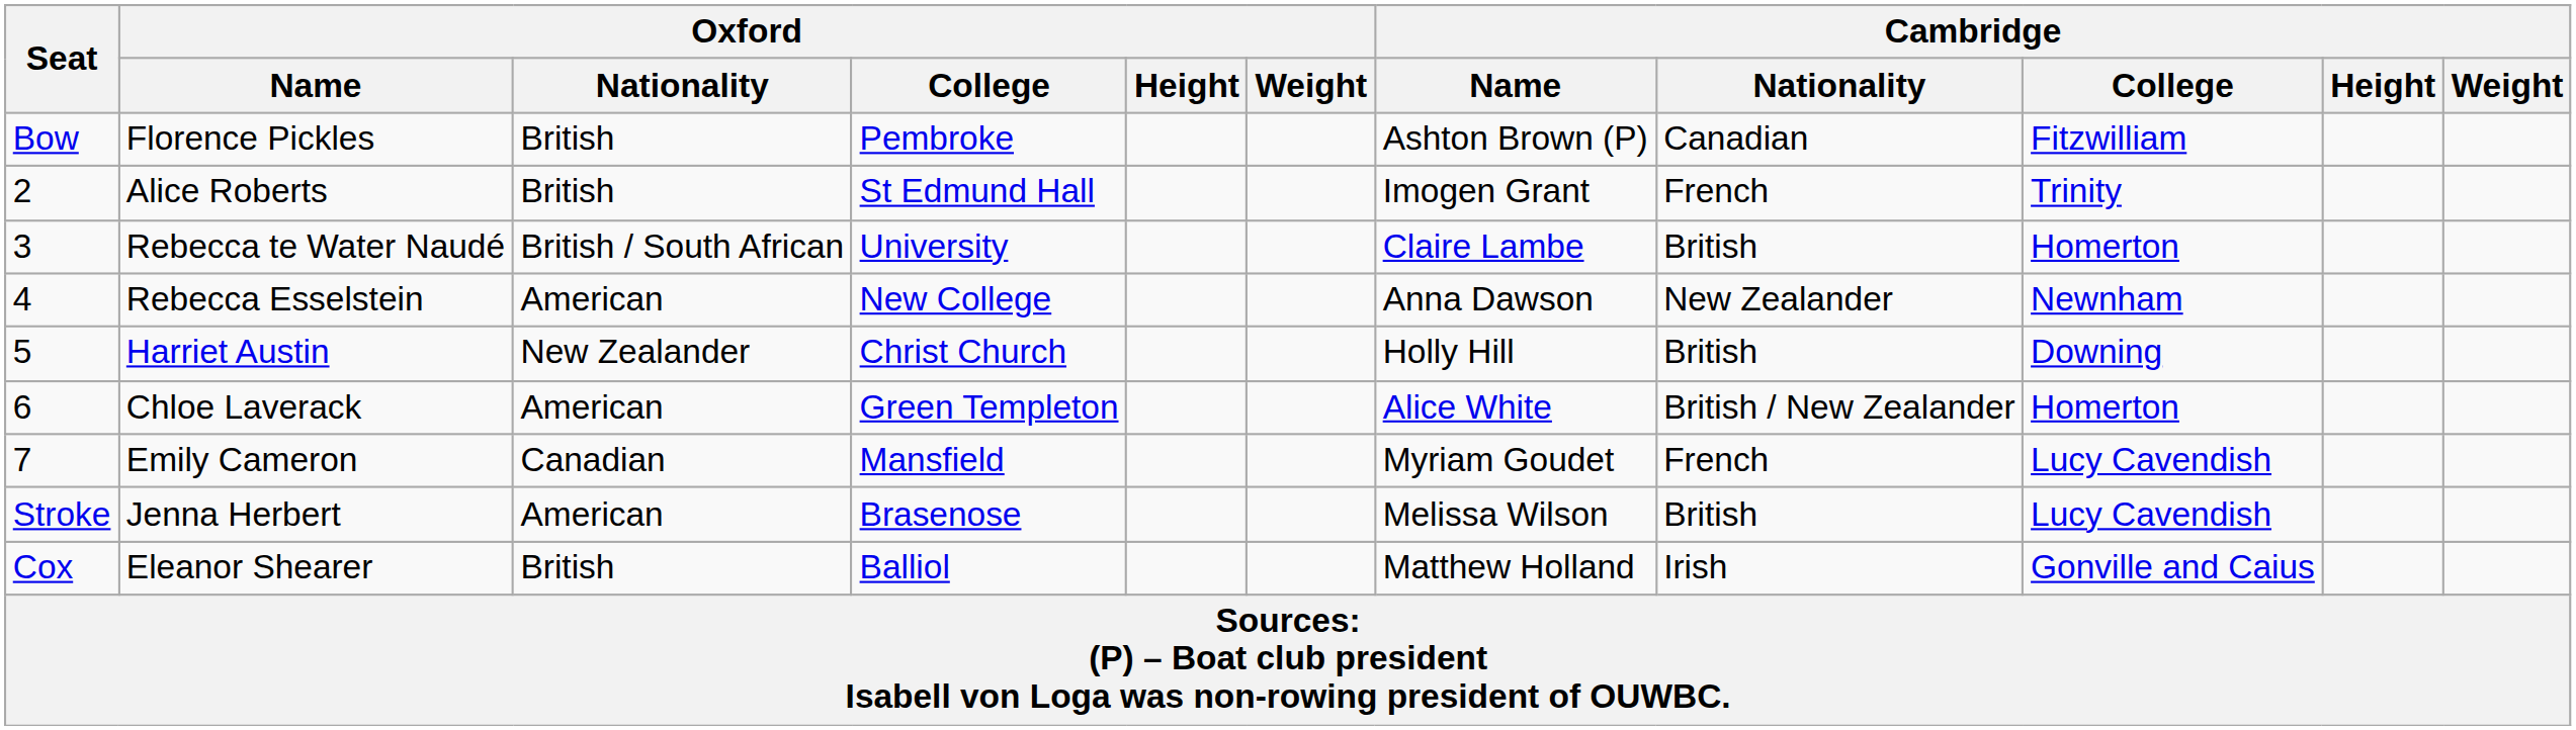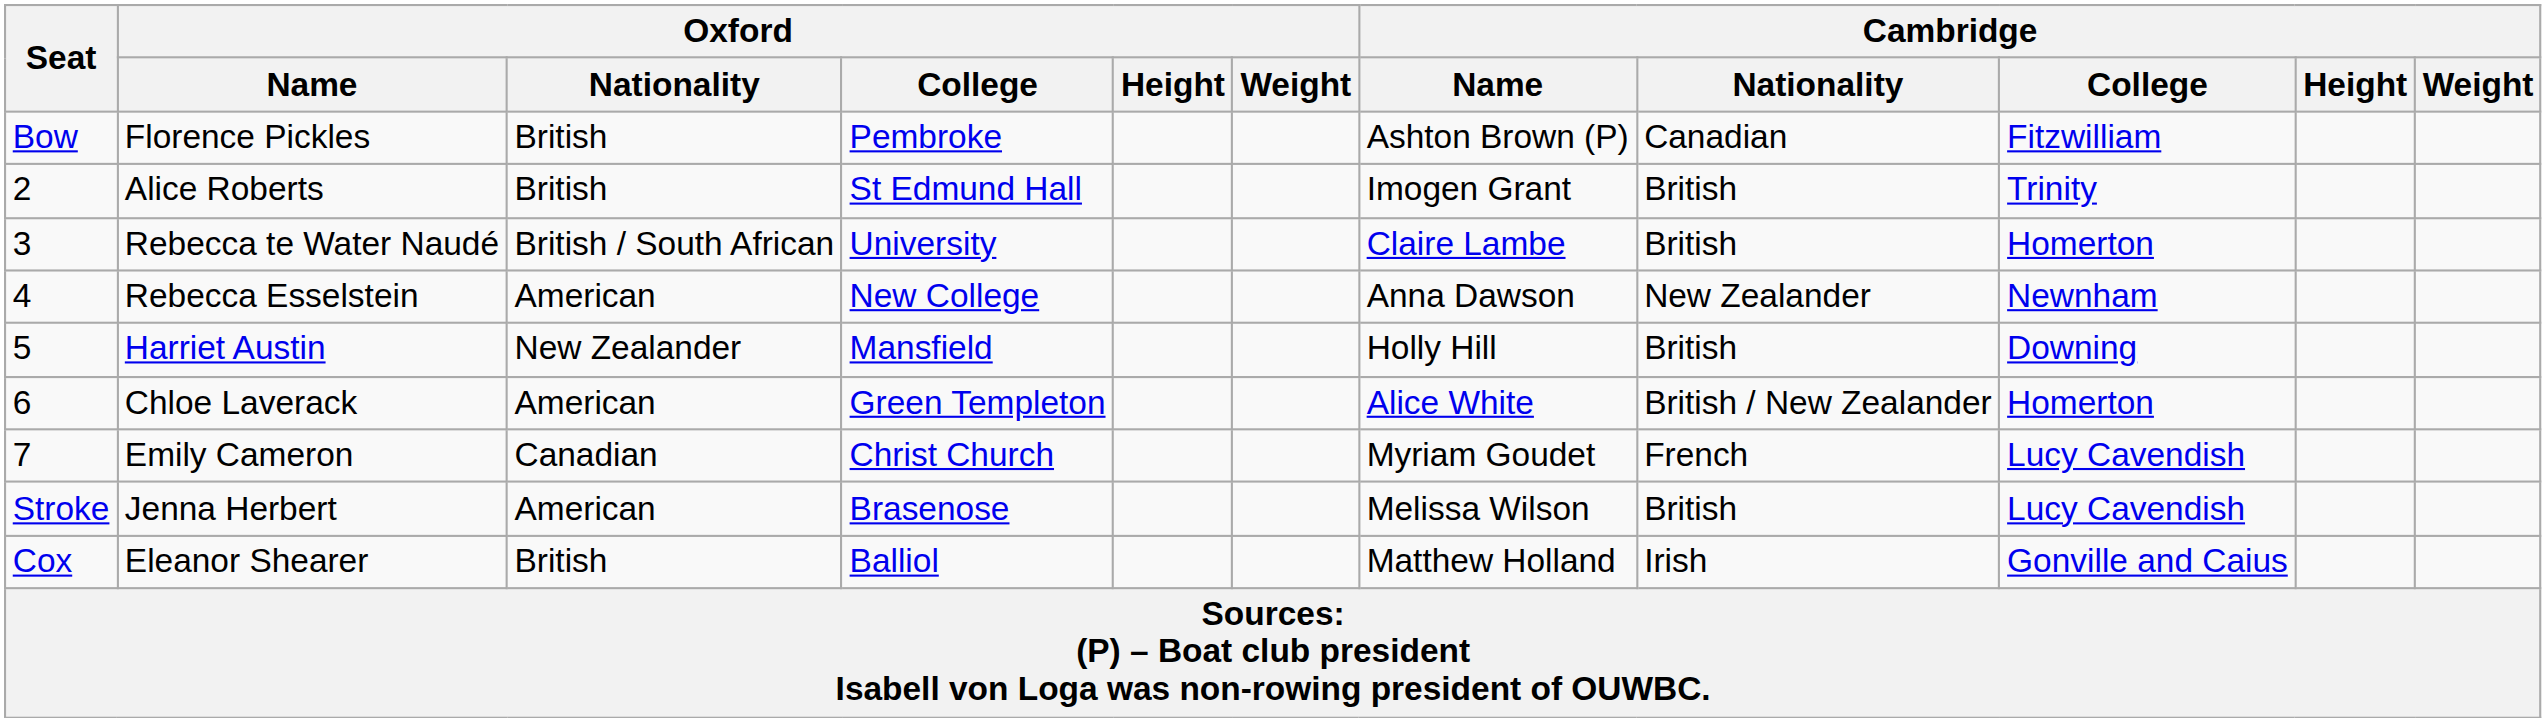 <table class="wikitable">
 <tr>
 <th rowspan="2" scope="col">Seat</th>
 <th colspan="5" scope="col">Oxford <br> </th>
 <th colspan="5" scope="col">Cambridge <br> </th>
 </tr>
 <tr>
 <th>Name</th>
 <th>Nationality</th>
 <th>College</th>
 <th>Height</th>
 <th>Weight</th>
 <th>Name</th>
 <th>Nationality</th>
 <th>College</th>
 <th>Height</th>
 <th>Weight</th>
 </tr>
 <tr>
 <td><a href='#'>Bow</a></td>
 <td>Florence Pickles</td>
 <td>British</td>
 <td><a href='#'>Pembroke</a></td>
 <td></td>
 <td></td>
 <td>Ashton Brown (P)</td>
 <td>Canadian</td>
 <td><a href='#'>Fitzwilliam</a></td>
 <td></td>
 <td></td>
 </tr>
 <tr>
 <td>2</td>
 <td>Alice Roberts</td>
 <td>British</td>
 <td><a href='#'>St Edmund Hall</a></td>
 <td></td>
 <td></td>
 <td>Imogen Grant</td>
-<td>French</td>
+<td>British</td>
 <td><a href='#'>Trinity</a></td>
 <td></td>
 <td></td>
 </tr>
 <tr>
 <td>3</td>
 <td>Rebecca te Water Naudé</td>
 <td>British / South African</td>
 <td><a href='#'>University</a></td>
 <td></td>
 <td></td>
 <td><a href='#'>Claire Lambe</a></td>
 <td>British</td>
 <td><a href='#'>Homerton</a></td>
 <td></td>
 <td></td>
 </tr>
 <tr>
 <td>4</td>
 <td>Rebecca Esselstein</td>
 <td>American</td>
 <td><a href='#'>New College</a></td>
 <td></td>
 <td></td>
 <td>Anna Dawson</td>
 <td>New Zealander</td>
 <td><a href='#'>Newnham</a></td>
 <td></td>
 <td></td>
 </tr>
 <tr>
 <td>5</td>
 <td><a href='#'>Harriet Austin</a></td>
 <td>New Zealander</td>
-<td><a href='#'>Christ Church</a></td>
+<td><a href='#'>Mansfield</a></td>
 <td></td>
 <td></td>
 <td>Holly Hill</td>
 <td>British</td>
 <td><a href='#'>Downing</a></td>
 <td></td>
 <td></td>
 </tr>
 <tr>
 <td>6</td>
 <td>Chloe Laverack</td>
 <td>American</td>
 <td><a href='#'>Green Templeton</a></td>
 <td></td>
 <td></td>
 <td><a href='#'>Alice White</a></td>
 <td>British / New Zealander</td>
 <td><a href='#'>Homerton</a></td>
 <td></td>
 <td></td>
 </tr>
 <tr>
 <td>7</td>
 <td>Emily Cameron</td>
 <td>Canadian</td>
-<td><a href='#'>Mansfield</a></td>
+<td><a href='#'>Christ Church</a></td>
 <td></td>
 <td></td>
 <td>Myriam Goudet</td>
 <td>French</td>
 <td><a href='#'>Lucy Cavendish</a></td>
 <td></td>
 <td></td>
 </tr>
 <tr>
 <td><a href='#'>Stroke</a></td>
 <td>Jenna Herbert</td>
 <td>American</td>
 <td><a href='#'>Brasenose</a></td>
 <td></td>
 <td></td>
 <td>Melissa Wilson</td>
 <td>British</td>
 <td><a href='#'>Lucy Cavendish</a></td>
 <td></td>
 <td></td>
 </tr>
 <tr>
 <td><a href='#'>Cox</a></td>
 <td>Eleanor Shearer</td>
 <td>British</td>
 <td><a href='#'>Balliol</a></td>
 <td></td>
 <td></td>
 <td>Matthew Holland</td>
 <td>Irish</td>
 <td><a href='#'>Gonville and Caius</a></td>
 <td></td>
 <td></td>
 </tr>
 <tr>
 <th colspan="11">Sources:<br>(P) – Boat club president<br> Isabell von Loga was non-rowing president of OUWBC.</th>
 </tr>
 </table>
